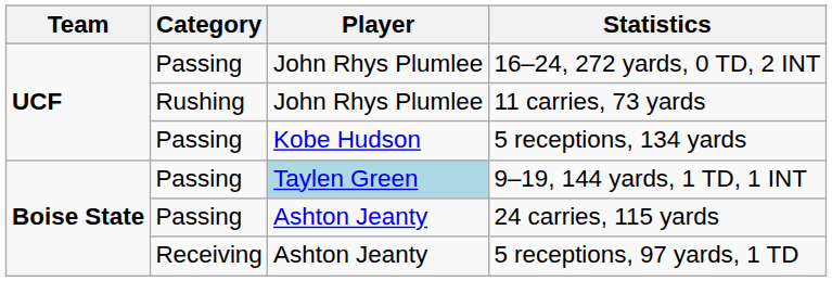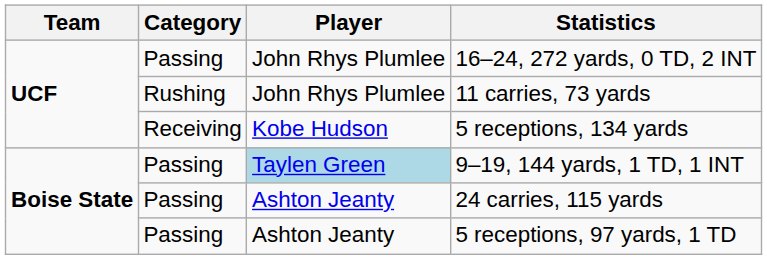 <table class="wikitable" style="float: right;">
 <tr>
 <th>Team</th>
 <th>Category</th>
 <th>Player</th>
 <th>Statistics</th>
 </tr>
 <tr>
 <td rowspan=3><strong>UCF</strong></td>
 <td>Passing</td>
 <td>John Rhys Plumlee</td>
 <td>16–24, 272 yards, 0 TD, 2 INT</td>
 </tr>
 <tr>
 <td>Rushing</td>
 <td>John Rhys Plumlee</td>
 <td>11 carries, 73 yards</td>
 </tr>
 <tr>
-<td>Passing</td>
+<td>Receiving</td>
 <td><a href='#'>Kobe Hudson</a></td>
 <td>5 receptions, 134 yards</td>
 </tr>
 <tr>
 <td rowspan=3><strong>Boise State</strong></td>
 <td>Passing</td>
 <td style="background: lightblue;"><a href='#'>Taylen Green</a></td>
 <td>9–19, 144 yards, 1 TD, 1 INT</td>
 </tr>
 <tr>
 <td>Passing</td>
 <td><a href='#'>Ashton Jeanty</a></td>
 <td>24 carries, 115 yards</td>
 </tr>
 <tr>
-<td>Receiving</td>
+<td>Passing</td>
 <td>Ashton Jeanty</td>
 <td>5 receptions, 97 yards, 1 TD</td>
 </tr>
 </table>
